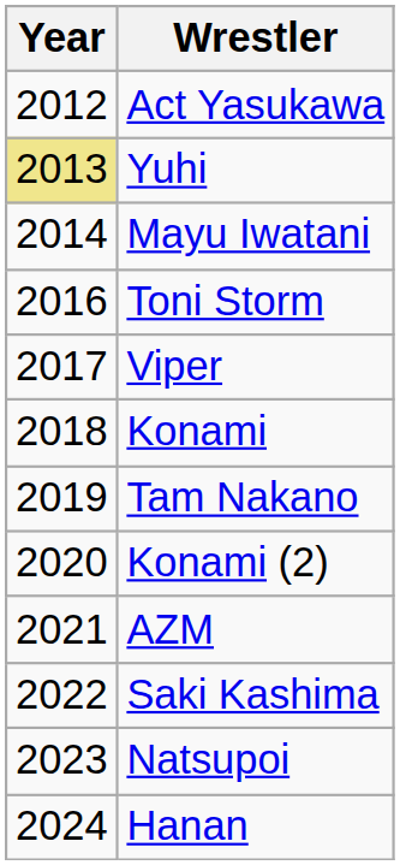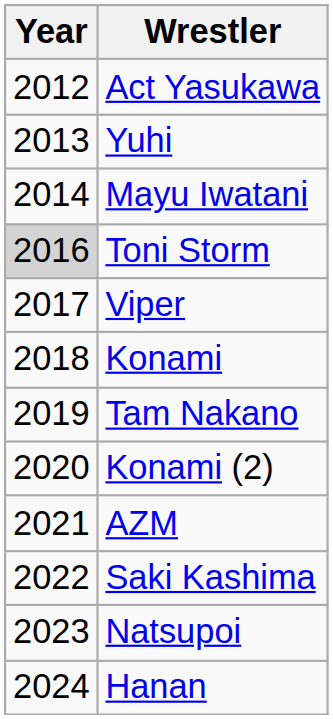 <table class="wikitable">
 <tr>
 <th>Year</th>
 <th>Wrestler</th>
 </tr>
 <tr>
 <td>2012</td>
 <td><a href='#'>Act Yasukawa</a></td>
 </tr>
 <tr>
-<td style="background: khaki;">2013</td>
+<td>2013</td>
 <td><a href='#'>Yuhi</a></td>
 </tr>
 <tr>
 <td>2014</td>
 <td><a href='#'>Mayu Iwatani</a></td>
 </tr>
 <tr>
-<td>2016</td>
+<td style="background: lightgrey;">2016</td>
 <td><a href='#'>Toni Storm</a></td>
 </tr>
 <tr>
 <td>2017</td>
 <td><a href='#'>Viper</a></td>
 </tr>
 <tr>
 <td>2018</td>
 <td><a href='#'>Konami</a></td>
 </tr>
 <tr>
 <td>2019</td>
 <td><a href='#'>Tam Nakano</a></td>
 </tr>
 <tr>
 <td>2020</td>
 <td><a href='#'>Konami</a> (2)</td>
 </tr>
 <tr>
 <td>2021</td>
 <td><a href='#'>AZM</a></td>
 </tr>
 <tr>
 <td>2022</td>
 <td><a href='#'>Saki Kashima</a></td>
 </tr>
 <tr>
 <td>2023</td>
 <td><a href='#'>Natsupoi</a></td>
 </tr>
 <tr>
 <td>2024</td>
 <td><a href='#'>Hanan</a></td>
 </tr>
 </table>
